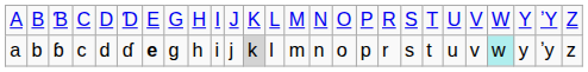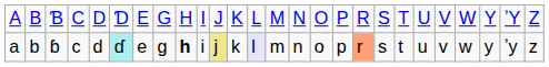 <table class="wikitable">
 <tr>
 <td><a href='#'>A</a></td>
 <td><a href='#'>B</a></td>
 <td><a href='#'>Ɓ</a></td>
 <td><a href='#'>C</a></td>
 <td><a href='#'>D</a></td>
 <td><a href='#'>Ɗ</a></td>
 <td><a href='#'>E</a></td>
 <td><a href='#'>G</a></td>
 <td><a href='#'>H</a></td>
 <td><a href='#'>I</a></td>
 <td><a href='#'>J</a></td>
 <td><a href='#'>K</a></td>
 <td><a href='#'>L</a></td>
 <td><a href='#'>M</a></td>
 <td><a href='#'>N</a></td>
 <td><a href='#'>O</a></td>
 <td><a href='#'>P</a></td>
 <td><a href='#'>R</a></td>
 <td><a href='#'>S</a></td>
 <td><a href='#'>T</a></td>
 <td><a href='#'>U</a></td>
 <td><a href='#'>V</a></td>
 <td><a href='#'>W</a></td>
 <td><a href='#'>Y</a></td>
 <td><a href='#'>ʼY</a></td>
 <td><a href='#'>Z</a></td>
 </tr>
 <tr>
 <td>a</td>
 <td>b</td>
 <td>ɓ</td>
 <td>c</td>
 <td>d</td>
-<td>ɗ</td>
-<td><strong>e</strong></td>
+<td style="background: paleturquoise;">ɗ</td>
+<td>e</td>
 <td>g</td>
-<td>h</td>
+<td><strong>h</strong></td>
 <td>i</td>
-<td>j</td>
-<td style="background: lightgrey;">k</td>
-<td>l</td>
+<td style="background: khaki;">j</td>
+<td>k</td>
+<td style="background: lavender;">l</td>
 <td>m</td>
 <td>n</td>
 <td>o</td>
 <td>p</td>
-<td>r</td>
+<td style="background: lightsalmon;">r</td>
 <td>s</td>
 <td>t</td>
 <td>u</td>
 <td>v</td>
-<td style="background: paleturquoise;">w</td>
+<td>w</td>
 <td>y</td>
 <td>ʼy</td>
 <td>z</td>
 </tr>
 </table>
